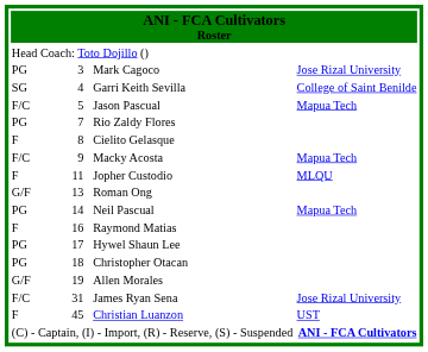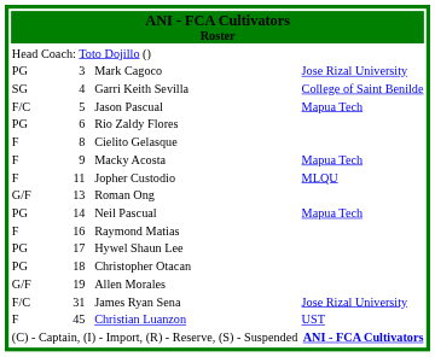 <table style="border:5px solid Green;" cellspacing=3>
 <tr style="text-align:center;background-color:Green">
 <td colspan=5><span><big><strong>ANI - FCA Cultivators</strong></big><br><strong>Roster</strong></span></td>
 </tr>
 <tr>
 <td colspan=4>Head Coach: <a href='#'>Toto Dojillo</a> ()</td>
 <td style="text-align:right;"></td>
 </tr>
 <tr>
 <td>PG</td>
 <td style="text-align:right;">3</td>
 <td></td>
 <td>Mark Cagoco</td>
 <td><a href='#'>Jose Rizal University</a></td>
 </tr>
 <tr>
 <td>SG</td>
 <td style="text-align:right;">4</td>
 <td></td>
 <td>Garri Keith Sevilla</td>
 <td><a href='#'>College of Saint Benilde</a></td>
 </tr>
 <tr>
 <td>F/C</td>
 <td style="text-align:right;">5</td>
 <td></td>
 <td>Jason Pascual</td>
 <td><a href='#'>Mapua Tech</a></td>
 </tr>
 <tr>
 <td>PG</td>
-<td style="text-align:right;">7</td>
+<td style="text-align:right;">6</td>
 <td></td>
 <td>Rio Zaldy Flores</td>
 <td></td>
 </tr>
 <tr>
 <td>F</td>
 <td style="text-align:right;">8</td>
 <td></td>
 <td>Cielito Gelasque</td>
 <td></td>
 </tr>
 <tr>
-<td>F/C</td>
+<td>F</td>
 <td style="text-align:right;">9</td>
 <td></td>
 <td>Macky Acosta</td>
 <td><a href='#'>Mapua Tech</a></td>
 </tr>
 <tr>
 <td>F</td>
 <td style="text-align:right;">11</td>
 <td></td>
 <td>Jopher Custodio</td>
 <td><a href='#'>MLQU</a></td>
 </tr>
 <tr>
 <td>G/F</td>
 <td style="text-align:right;">13</td>
 <td></td>
 <td>Roman Ong</td>
 <td></td>
 </tr>
 <tr>
 <td>PG</td>
 <td style="text-align:right;">14</td>
 <td></td>
 <td>Neil Pascual</td>
 <td><a href='#'>Mapua Tech</a></td>
 </tr>
 <tr>
 <td>F</td>
 <td style="text-align:right;">16</td>
 <td></td>
 <td>Raymond Matias</td>
 <td></td>
 </tr>
 <tr>
 <td>PG</td>
 <td style="text-align:right;">17</td>
 <td></td>
 <td>Hywel Shaun Lee</td>
 <td></td>
 </tr>
 <tr>
 <td>PG</td>
 <td style="text-align:right;">18</td>
 <td></td>
 <td>Christopher Otacan</td>
 <td></td>
 </tr>
 <tr>
 <td>G/F</td>
 <td style="text-align:right;">19</td>
 <td></td>
 <td>Allen Morales</td>
 <td></td>
 </tr>
 <tr>
 <td>F/C</td>
 <td style="text-align:right;">31</td>
 <td></td>
 <td>James Ryan Sena</td>
 <td><a href='#'>Jose Rizal University</a></td>
 </tr>
 <tr>
 <td>F</td>
 <td style="text-align:right;">45</td>
 <td></td>
 <td><a href='#'>Christian Luanzon</a></td>
 <td><a href='#'>UST</a></td>
 </tr>
 <tr>
 <td colspan=4>(C) - Captain, (I) - Import, (R) - Reserve, (S) - Suspended</td>
 <td style="text-align:right;"><strong><a href='#'>ANI - FCA Cultivators</a></strong></td>
 </tr>
 </table>
